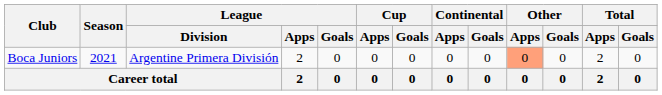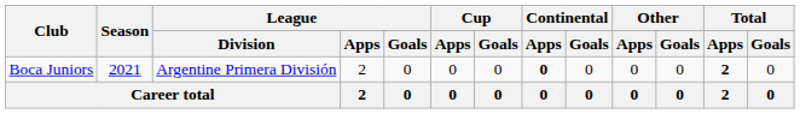 <table class="wikitable" style="text-align: center">
 <tr>
 <th rowspan="2">Club</th>
 <th rowspan="2">Season</th>
 <th colspan="3">League</th>
 <th colspan="2">Cup</th>
 <th colspan="2">Continental</th>
 <th colspan="2">Other</th>
 <th colspan="2">Total</th>
 </tr>
 <tr>
 <th>Division</th>
 <th>Apps</th>
 <th>Goals</th>
 <th>Apps</th>
 <th>Goals</th>
 <th>Apps</th>
 <th>Goals</th>
 <th>Apps</th>
 <th>Goals</th>
 <th>Apps</th>
 <th>Goals</th>
 </tr>
 <tr>
 <td><a href='#'>Boca Juniors</a></td>
 <td><a href='#'>2021</a></td>
 <td><a href='#'>Argentine Primera División</a></td>
 <td>2</td>
 <td>0</td>
 <td>0</td>
 <td>0</td>
+<td><strong>0</strong></td>
 <td>0</td>
 <td>0</td>
-<td style="background: lightsalmon;">0</td>
 <td>0</td>
-<td>2</td>
+<td><strong>2</strong></td>
 <td>0</td>
 </tr>
 <tr>
 <th colspan=3>Career total</th>
 <th>2</th>
 <th>0</th>
 <th>0</th>
 <th>0</th>
 <th>0</th>
 <th>0</th>
 <th>0</th>
 <th>0</th>
 <th>2</th>
 <th>0</th>
 </tr>
 </table>
